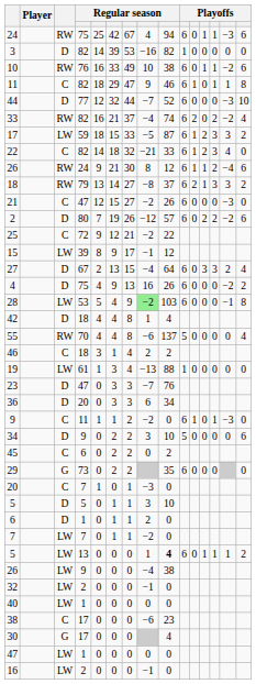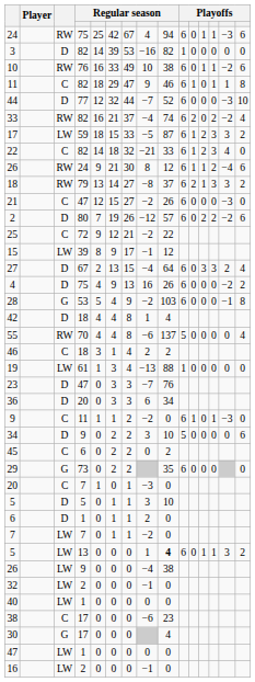 <table class="wikitable sortable plainrowheaders" style="text-align:center;">
 <tr>
 <th scope="col" data-sort-type="number" rowspan="2"></th>
 <th scope="col" rowspan="2">Player</th>
 <th scope="col" rowspan="2"></th>
 <th scope=colgroup colspan=6>Regular season</th>
 <th scope=colgroup colspan=6>Playoffs</th>
 </tr>
 <tr>
 <th scope="col" data-sort-type="number"></th>
 <th scope="col" data-sort-type="number"></th>
 <th scope="col" data-sort-type="number"></th>
 <th scope="col" data-sort-type="number"></th>
 <th scope="col" data-sort-type="number"></th>
 <th scope="col" data-sort-type="number"></th>
 <th scope="col" data-sort-type="number"></th>
 <th scope="col" data-sort-type="number"></th>
 <th scope="col" data-sort-type="number"></th>
 <th scope="col" data-sort-type="number"></th>
 <th scope="col" data-sort-type="number"></th>
 <th scope="col" data-sort-type="number"></th>
 </tr>
 <tr>
 <td scope="row">24</td>
 <td align="left"></td>
 <td>RW</td>
 <td>75</td>
 <td>25</td>
 <td>42</td>
 <td>67</td>
 <td>4</td>
 <td>94</td>
 <td>6</td>
 <td>0</td>
 <td>1</td>
 <td>1</td>
 <td>−3</td>
 <td>6</td>
 </tr>
 <tr>
 <td scope="row">3</td>
 <td align="left"></td>
 <td>D</td>
 <td>82</td>
 <td>14</td>
 <td>39</td>
 <td>53</td>
 <td>−16</td>
 <td>82</td>
 <td>1</td>
 <td>0</td>
 <td>0</td>
 <td>0</td>
 <td>0</td>
 <td>0</td>
 </tr>
 <tr>
 <td scope="row">10</td>
 <td align="left"></td>
 <td>RW</td>
 <td>76</td>
 <td>16</td>
 <td>33</td>
 <td>49</td>
 <td>10</td>
 <td>38</td>
 <td>6</td>
 <td>0</td>
 <td>1</td>
 <td>1</td>
 <td>−2</td>
 <td>6</td>
 </tr>
 <tr>
 <td scope="row">11</td>
 <td align="left"></td>
 <td>C</td>
 <td>82</td>
 <td>18</td>
 <td>29</td>
 <td>47</td>
 <td>9</td>
 <td>46</td>
 <td>6</td>
 <td>1</td>
 <td>0</td>
 <td>1</td>
 <td>1</td>
 <td>8</td>
 </tr>
 <tr>
 <td scope="row">44</td>
 <td align="left"></td>
 <td>D</td>
 <td>77</td>
 <td>12</td>
 <td>32</td>
 <td>44</td>
 <td>−7</td>
 <td>52</td>
 <td>6</td>
 <td>0</td>
 <td>0</td>
 <td>0</td>
 <td>−3</td>
 <td>10</td>
 </tr>
 <tr>
 <td scope="row">33</td>
 <td align="left"></td>
 <td>RW</td>
 <td>82</td>
 <td>16</td>
 <td>21</td>
 <td>37</td>
 <td>−4</td>
 <td>74</td>
 <td>6</td>
 <td>2</td>
 <td>0</td>
 <td>2</td>
 <td>−2</td>
 <td>4</td>
 </tr>
 <tr>
 <td scope="row">17</td>
 <td align="left"></td>
 <td>LW</td>
 <td>59</td>
 <td>18</td>
 <td>15</td>
 <td>33</td>
 <td>−5</td>
 <td>87</td>
 <td>6</td>
 <td>1</td>
 <td>2</td>
 <td>3</td>
 <td>3</td>
 <td>2</td>
 </tr>
 <tr>
 <td scope="row">22</td>
 <td align="left"></td>
 <td>C</td>
 <td>82</td>
 <td>14</td>
 <td>18</td>
 <td>32</td>
 <td>−21</td>
 <td>33</td>
 <td>6</td>
 <td>1</td>
 <td>2</td>
 <td>3</td>
 <td>4</td>
 <td>0</td>
 </tr>
 <tr>
 <td scope="row">26</td>
 <td align="left"></td>
 <td>RW</td>
 <td>24</td>
 <td>9</td>
 <td>21</td>
 <td>30</td>
 <td>8</td>
 <td>12</td>
 <td>6</td>
 <td>1</td>
 <td>1</td>
 <td>2</td>
 <td>−4</td>
 <td>6</td>
 </tr>
 <tr>
 <td scope="row">18</td>
 <td align="left"></td>
 <td>RW</td>
 <td>79</td>
 <td>13</td>
 <td>14</td>
 <td>27</td>
 <td>−8</td>
 <td>37</td>
 <td>6</td>
 <td>2</td>
 <td>1</td>
 <td>3</td>
 <td>3</td>
 <td>2</td>
 </tr>
 <tr>
 <td scope="row">21</td>
 <td align="left"></td>
 <td>C</td>
 <td>47</td>
 <td>12</td>
 <td>15</td>
 <td>27</td>
 <td>−2</td>
 <td>26</td>
 <td>6</td>
 <td>0</td>
 <td>0</td>
 <td>0</td>
 <td>−3</td>
 <td>0</td>
 </tr>
 <tr>
 <td scope="row">2</td>
 <td align="left"></td>
 <td>D</td>
 <td>80</td>
 <td>7</td>
 <td>19</td>
 <td>26</td>
 <td>−12</td>
 <td>57</td>
 <td>6</td>
 <td>0</td>
 <td>2</td>
 <td>2</td>
 <td>−2</td>
 <td>6</td>
 </tr>
 <tr>
 <td scope="row">25</td>
 <td align="left"></td>
 <td>C</td>
 <td>72</td>
 <td>9</td>
 <td>12</td>
 <td>21</td>
 <td>−2</td>
 <td>22</td>
 <td></td>
 <td></td>
 <td></td>
 <td></td>
 <td></td>
 <td></td>
 </tr>
 <tr>
 <td scope="row">15</td>
 <td align="left"></td>
 <td>LW</td>
 <td>39</td>
 <td>8</td>
 <td>9</td>
 <td>17</td>
 <td>−1</td>
 <td>12</td>
 <td></td>
 <td></td>
 <td></td>
 <td></td>
 <td></td>
 <td></td>
 </tr>
 <tr>
 <td scope="row">27</td>
 <td align="left"></td>
 <td>D</td>
 <td>67</td>
 <td>2</td>
 <td>13</td>
 <td>15</td>
 <td>−4</td>
 <td>64</td>
 <td>6</td>
 <td>0</td>
 <td>3</td>
 <td>3</td>
 <td>2</td>
 <td>4</td>
 </tr>
 <tr>
 <td scope="row">4</td>
 <td align="left"></td>
 <td>D</td>
 <td>75</td>
 <td>4</td>
 <td>9</td>
 <td>13</td>
 <td>16</td>
 <td>26</td>
 <td>6</td>
 <td>0</td>
 <td>0</td>
 <td>0</td>
 <td>−2</td>
 <td>2</td>
 </tr>
 <tr>
 <td scope="row">28</td>
 <td align="left"></td>
-<td>LW</td>
+<td>G</td>
 <td>53</td>
 <td>5</td>
 <td>4</td>
 <td>9</td>
-<td style="background: lightgreen;">−2</td>
+<td>−2</td>
 <td>103</td>
 <td>6</td>
 <td>0</td>
 <td>0</td>
 <td>0</td>
 <td>−1</td>
 <td>8</td>
 </tr>
 <tr>
 <td scope="row">42</td>
 <td align="left"></td>
 <td>D</td>
 <td>18</td>
 <td>4</td>
 <td>4</td>
 <td>8</td>
 <td>1</td>
 <td>4</td>
 <td></td>
 <td></td>
 <td></td>
 <td></td>
 <td></td>
 <td></td>
 </tr>
 <tr>
 <td scope="row">55</td>
 <td align="left"></td>
 <td>RW</td>
 <td>70</td>
 <td>4</td>
 <td>4</td>
 <td>8</td>
 <td>−6</td>
 <td>137</td>
 <td>5</td>
 <td>0</td>
 <td>0</td>
 <td>0</td>
 <td>0</td>
 <td>4</td>
 </tr>
 <tr>
 <td scope="row">46</td>
 <td align="left"></td>
 <td>C</td>
 <td>18</td>
 <td>3</td>
 <td>1</td>
 <td>4</td>
 <td>2</td>
 <td>2</td>
 <td></td>
 <td></td>
 <td></td>
 <td></td>
 <td></td>
 <td></td>
 </tr>
 <tr>
 <td scope="row">19</td>
 <td align="left"></td>
 <td>LW</td>
 <td>61</td>
 <td>1</td>
 <td>3</td>
 <td>4</td>
 <td>−13</td>
 <td>88</td>
 <td>1</td>
 <td>0</td>
 <td>0</td>
 <td>0</td>
 <td>0</td>
 <td>0</td>
 </tr>
 <tr>
 <td scope="row">23</td>
 <td align="left"></td>
 <td>D</td>
 <td>47</td>
 <td>0</td>
 <td>3</td>
 <td>3</td>
 <td>−7</td>
 <td>76</td>
 <td></td>
 <td></td>
 <td></td>
 <td></td>
 <td></td>
 <td></td>
 </tr>
 <tr>
 <td scope="row">36</td>
 <td align="left"></td>
 <td>D</td>
 <td>20</td>
 <td>0</td>
 <td>3</td>
 <td>3</td>
 <td>6</td>
 <td>34</td>
 <td></td>
 <td></td>
 <td></td>
 <td></td>
 <td></td>
 <td></td>
 </tr>
 <tr>
 <td scope="row">9</td>
 <td align="left"></td>
 <td>C</td>
 <td>11</td>
 <td>1</td>
 <td>1</td>
 <td>2</td>
 <td>−2</td>
 <td>0</td>
 <td>6</td>
 <td>1</td>
 <td>0</td>
 <td>1</td>
 <td>−3</td>
 <td>0</td>
 </tr>
 <tr>
 <td scope="row">34</td>
 <td align="left"></td>
 <td>D</td>
 <td>9</td>
 <td>0</td>
 <td>2</td>
 <td>2</td>
 <td>3</td>
 <td>10</td>
 <td>5</td>
 <td>0</td>
 <td>0</td>
 <td>0</td>
 <td>0</td>
 <td>6</td>
 </tr>
 <tr>
 <td scope="row">45</td>
 <td align="left"></td>
 <td>C</td>
 <td>6</td>
 <td>0</td>
 <td>2</td>
 <td>2</td>
 <td>0</td>
 <td>2</td>
 <td></td>
 <td></td>
 <td></td>
 <td></td>
 <td></td>
 <td></td>
 </tr>
 <tr>
 <td scope="row">29</td>
 <td align="left"></td>
 <td>G</td>
 <td>73</td>
 <td>0</td>
 <td>2</td>
 <td>2</td>
 <td style="background:#ccc"></td>
 <td>35</td>
 <td>6</td>
 <td>0</td>
 <td>0</td>
 <td>0</td>
 <td style="background:#ccc"></td>
 <td>0</td>
 </tr>
 <tr>
 <td scope="row">20</td>
 <td align="left"></td>
 <td>C</td>
 <td>7</td>
 <td>1</td>
 <td>0</td>
 <td>1</td>
 <td>−3</td>
 <td>0</td>
 <td></td>
 <td></td>
 <td></td>
 <td></td>
 <td></td>
 <td></td>
 </tr>
 <tr>
 <td scope="row">5</td>
 <td align="left"></td>
 <td>D</td>
 <td>5</td>
 <td>0</td>
 <td>1</td>
 <td>1</td>
 <td>3</td>
 <td>10</td>
 <td></td>
 <td></td>
 <td></td>
 <td></td>
 <td></td>
 <td></td>
 </tr>
 <tr>
 <td scope="row">6</td>
 <td align="left"></td>
 <td>D</td>
 <td>1</td>
 <td>0</td>
 <td>1</td>
 <td>1</td>
 <td>2</td>
 <td>0</td>
 <td></td>
 <td></td>
 <td></td>
 <td></td>
 <td></td>
 <td></td>
 </tr>
 <tr>
 <td scope="row">7</td>
 <td align="left"></td>
 <td>LW</td>
 <td>7</td>
 <td>0</td>
 <td>1</td>
 <td>1</td>
 <td>−2</td>
 <td>0</td>
 <td></td>
 <td></td>
 <td></td>
 <td></td>
 <td></td>
 <td></td>
 </tr>
 <tr>
 <td scope="row">5</td>
 <td align="left"></td>
 <td>LW</td>
 <td>13</td>
 <td>0</td>
 <td>0</td>
 <td>0</td>
 <td>1</td>
 <td><strong>4</strong></td>
 <td>6</td>
 <td>0</td>
 <td>1</td>
 <td>1</td>
-<td>1</td>
+<td>3</td>
 <td>2</td>
 </tr>
 <tr>
 <td scope="row">26</td>
 <td align="left"></td>
 <td>LW</td>
 <td>9</td>
 <td>0</td>
 <td>0</td>
 <td>0</td>
 <td>−4</td>
 <td>38</td>
 <td></td>
 <td></td>
 <td></td>
 <td></td>
 <td></td>
 <td></td>
 </tr>
 <tr>
 <td scope="row">32</td>
 <td align="left"></td>
 <td>LW</td>
 <td>2</td>
 <td>0</td>
 <td>0</td>
 <td>0</td>
 <td>−1</td>
 <td>0</td>
 <td></td>
 <td></td>
 <td></td>
 <td></td>
 <td></td>
 <td></td>
 </tr>
 <tr>
 <td scope="row">40</td>
 <td align="left"></td>
 <td>LW</td>
 <td>1</td>
 <td>0</td>
 <td>0</td>
 <td>0</td>
 <td>0</td>
 <td>0</td>
 <td></td>
 <td></td>
 <td></td>
 <td></td>
 <td></td>
 <td></td>
 </tr>
 <tr>
 <td scope="row">38</td>
 <td align="left"></td>
 <td>C</td>
 <td>17</td>
 <td>0</td>
 <td>0</td>
 <td>0</td>
 <td>−6</td>
 <td>23</td>
 <td></td>
 <td></td>
 <td></td>
 <td></td>
 <td></td>
 <td></td>
 </tr>
 <tr>
 <td scope="row">30</td>
 <td align="left"></td>
 <td>G</td>
 <td>17</td>
 <td>0</td>
 <td>0</td>
 <td>0</td>
 <td style="background:#ccc"></td>
 <td>4</td>
 <td></td>
 <td></td>
 <td></td>
 <td></td>
 <td></td>
 <td></td>
 </tr>
 <tr>
 <td scope="row">47</td>
 <td align="left"></td>
 <td>LW</td>
 <td>1</td>
 <td>0</td>
 <td>0</td>
 <td>0</td>
 <td>0</td>
 <td>0</td>
 <td></td>
 <td></td>
 <td></td>
 <td></td>
 <td></td>
 <td></td>
 </tr>
 <tr>
 <td scope="row">16</td>
 <td align="left"></td>
 <td>LW</td>
 <td>2</td>
 <td>0</td>
 <td>0</td>
 <td>0</td>
 <td>−1</td>
 <td>0</td>
 <td></td>
 <td></td>
 <td></td>
 <td></td>
 <td></td>
 <td></td>
 </tr>
 </table>
